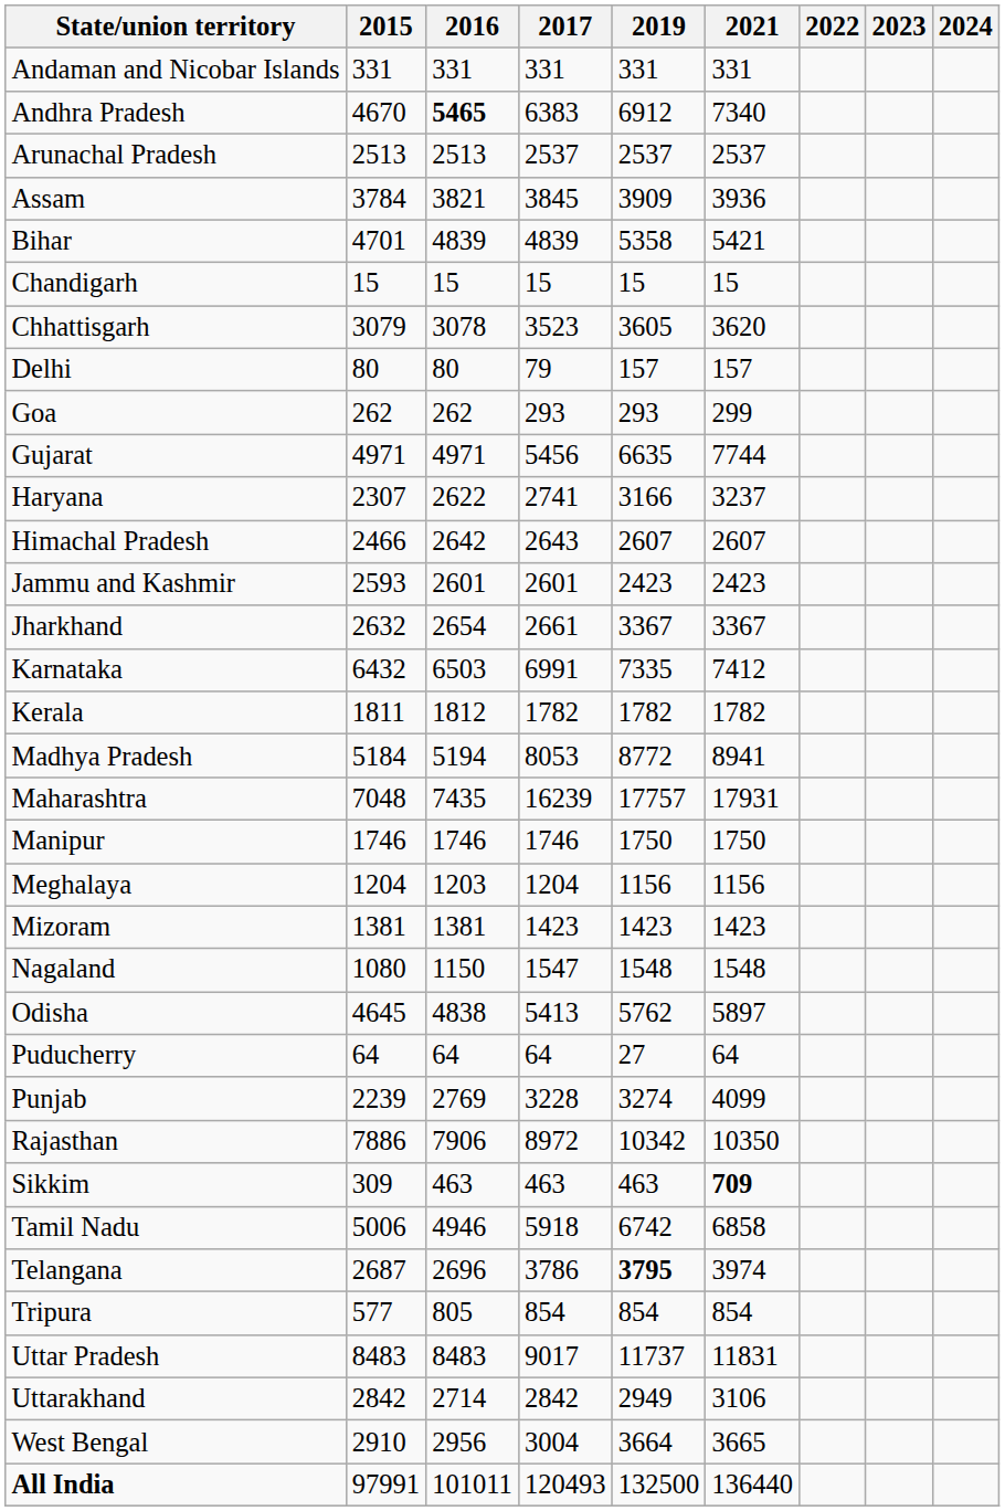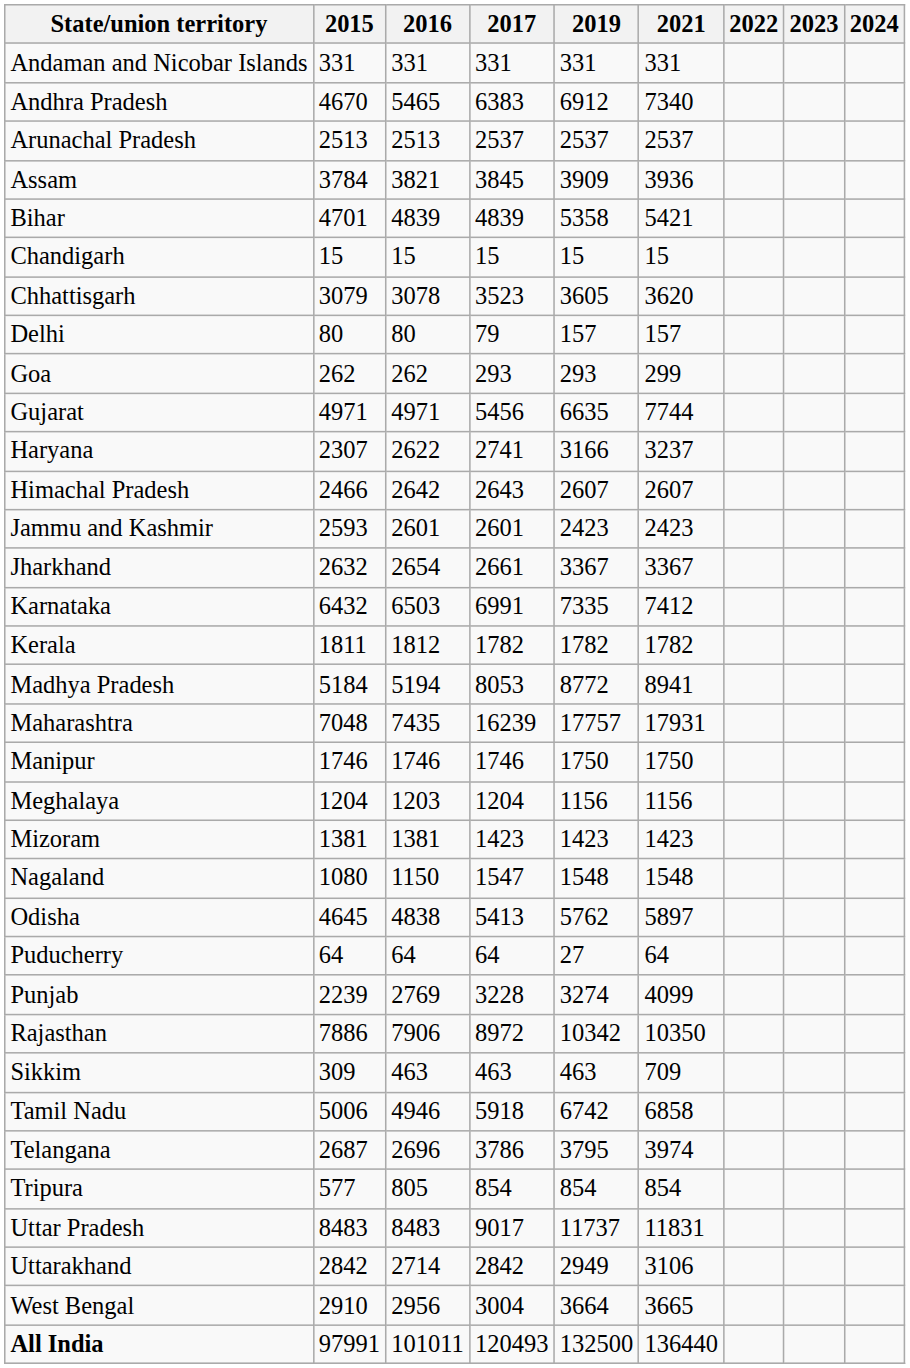 <table class="wikitable sortable">
 <tr>
 <th>State/union territory</th>
 <th>2015</th>
 <th>2016</th>
 <th>2017</th>
 <th>2019</th>
 <th>2021</th>
 <th>2022</th>
 <th>2023</th>
 <th>2024</th>
 </tr>
 <tr>
 <td>Andaman and Nicobar Islands</td>
 <td>331</td>
 <td>331</td>
 <td>331</td>
 <td>331</td>
 <td>331</td>
 <td></td>
 <td></td>
 <td></td>
 </tr>
 <tr>
 <td>Andhra Pradesh</td>
 <td>4670</td>
-<td><strong>5465</strong></td>
+<td>5465</td>
 <td>6383</td>
 <td>6912</td>
 <td>7340</td>
 <td></td>
 <td></td>
 <td></td>
 </tr>
 <tr>
 <td>Arunachal Pradesh</td>
 <td>2513</td>
 <td>2513</td>
 <td>2537</td>
 <td>2537</td>
 <td>2537</td>
 <td></td>
 <td></td>
 <td></td>
 </tr>
 <tr>
 <td>Assam</td>
 <td>3784</td>
 <td>3821</td>
 <td>3845</td>
 <td>3909</td>
 <td>3936</td>
 <td></td>
 <td></td>
 <td></td>
 </tr>
 <tr>
 <td>Bihar</td>
 <td>4701</td>
 <td>4839</td>
 <td>4839</td>
 <td>5358</td>
 <td>5421</td>
 <td></td>
 <td></td>
 <td></td>
 </tr>
 <tr>
 <td>Chandigarh</td>
 <td>15</td>
 <td>15</td>
 <td>15</td>
 <td>15</td>
 <td>15</td>
 <td></td>
 <td></td>
 <td></td>
 </tr>
 <tr>
 <td>Chhattisgarh</td>
 <td>3079</td>
 <td>3078</td>
 <td>3523</td>
 <td>3605</td>
 <td>3620</td>
 <td></td>
 <td></td>
 <td></td>
 </tr>
 <tr>
 <td>Delhi</td>
 <td>80</td>
 <td>80</td>
 <td>79</td>
 <td>157</td>
 <td>157</td>
 <td></td>
 <td></td>
 <td></td>
 </tr>
 <tr>
 <td>Goa</td>
 <td>262</td>
 <td>262</td>
 <td>293</td>
 <td>293</td>
 <td>299</td>
 <td></td>
 <td></td>
 <td></td>
 </tr>
 <tr>
 <td>Gujarat</td>
 <td>4971</td>
 <td>4971</td>
 <td>5456</td>
 <td>6635</td>
 <td>7744</td>
 <td></td>
 <td></td>
 <td></td>
 </tr>
 <tr>
 <td>Haryana</td>
 <td>2307</td>
 <td>2622</td>
 <td>2741</td>
 <td>3166</td>
 <td>3237</td>
 <td></td>
 <td></td>
 <td></td>
 </tr>
 <tr>
 <td>Himachal Pradesh</td>
 <td>2466</td>
 <td>2642</td>
 <td>2643</td>
 <td>2607</td>
 <td>2607</td>
 <td></td>
 <td></td>
 <td></td>
 </tr>
 <tr>
 <td>Jammu and Kashmir</td>
 <td>2593</td>
 <td>2601</td>
 <td>2601</td>
 <td>2423</td>
 <td>2423</td>
 <td></td>
 <td></td>
 <td></td>
 </tr>
 <tr>
 <td>Jharkhand</td>
 <td>2632</td>
 <td>2654</td>
 <td>2661</td>
 <td>3367</td>
 <td>3367</td>
 <td></td>
 <td></td>
 <td></td>
 </tr>
 <tr>
 <td>Karnataka</td>
 <td>6432</td>
 <td>6503</td>
 <td>6991</td>
 <td>7335</td>
 <td>7412</td>
 <td></td>
 <td></td>
 <td></td>
 </tr>
 <tr>
 <td>Kerala</td>
 <td>1811</td>
 <td>1812</td>
 <td>1782</td>
 <td>1782</td>
 <td>1782</td>
 <td></td>
 <td></td>
 <td></td>
 </tr>
 <tr>
 <td>Madhya Pradesh</td>
 <td>5184</td>
 <td>5194</td>
 <td>8053</td>
 <td>8772</td>
 <td>8941</td>
 <td></td>
 <td></td>
 <td></td>
 </tr>
 <tr>
 <td>Maharashtra</td>
 <td>7048</td>
 <td>7435</td>
 <td>16239</td>
 <td>17757</td>
 <td>17931</td>
 <td></td>
 <td></td>
 <td></td>
 </tr>
 <tr>
 <td>Manipur</td>
 <td>1746</td>
 <td>1746</td>
 <td>1746</td>
 <td>1750</td>
 <td>1750</td>
 <td></td>
 <td></td>
 <td></td>
 </tr>
 <tr>
 <td>Meghalaya</td>
 <td>1204</td>
 <td>1203</td>
 <td>1204</td>
 <td>1156</td>
 <td>1156</td>
 <td></td>
 <td></td>
 <td></td>
 </tr>
 <tr>
 <td>Mizoram</td>
 <td>1381</td>
 <td>1381</td>
 <td>1423</td>
 <td>1423</td>
 <td>1423</td>
 <td></td>
 <td></td>
 <td></td>
 </tr>
 <tr>
 <td>Nagaland</td>
 <td>1080</td>
 <td>1150</td>
 <td>1547</td>
 <td>1548</td>
 <td>1548</td>
 <td></td>
 <td></td>
 <td></td>
 </tr>
 <tr>
 <td>Odisha</td>
 <td>4645</td>
 <td>4838</td>
 <td>5413</td>
 <td>5762</td>
 <td>5897</td>
 <td></td>
 <td></td>
 <td></td>
 </tr>
 <tr>
 <td>Puducherry</td>
 <td>64</td>
 <td>64</td>
 <td>64</td>
 <td>27</td>
 <td>64</td>
 <td></td>
 <td></td>
 <td></td>
 </tr>
 <tr>
 <td>Punjab</td>
 <td>2239</td>
 <td>2769</td>
 <td>3228</td>
 <td>3274</td>
 <td>4099</td>
 <td></td>
 <td></td>
 <td></td>
 </tr>
 <tr>
 <td>Rajasthan</td>
 <td>7886</td>
 <td>7906</td>
 <td>8972</td>
 <td>10342</td>
 <td>10350</td>
 <td></td>
 <td></td>
 <td></td>
 </tr>
 <tr>
 <td>Sikkim</td>
 <td>309</td>
 <td>463</td>
 <td>463</td>
 <td>463</td>
-<td><strong>709</strong></td>
+<td>709</td>
 <td></td>
 <td></td>
 <td></td>
 </tr>
 <tr>
 <td>Tamil Nadu</td>
 <td>5006</td>
 <td>4946</td>
 <td>5918</td>
 <td>6742</td>
 <td>6858</td>
 <td></td>
 <td></td>
 <td></td>
 </tr>
 <tr>
 <td>Telangana</td>
 <td>2687</td>
 <td>2696</td>
 <td>3786</td>
-<td><strong>3795</strong></td>
+<td>3795</td>
 <td>3974</td>
 <td></td>
 <td></td>
 <td></td>
 </tr>
 <tr>
 <td>Tripura</td>
 <td>577</td>
 <td>805</td>
 <td>854</td>
 <td>854</td>
 <td>854</td>
 <td></td>
 <td></td>
 <td></td>
 </tr>
 <tr>
 <td>Uttar Pradesh</td>
 <td>8483</td>
 <td>8483</td>
 <td>9017</td>
 <td>11737</td>
 <td>11831</td>
 <td></td>
 <td></td>
 <td></td>
 </tr>
 <tr>
 <td>Uttarakhand</td>
 <td>2842</td>
 <td>2714</td>
 <td>2842</td>
 <td>2949</td>
 <td>3106</td>
 <td></td>
 <td></td>
 <td></td>
 </tr>
 <tr>
 <td>West Bengal</td>
 <td>2910</td>
 <td>2956</td>
 <td>3004</td>
 <td>3664</td>
 <td>3665</td>
 <td></td>
 <td></td>
 <td></td>
 </tr>
 <tr>
 <td><strong>All India</strong></td>
 <td>97991</td>
 <td>101011</td>
 <td>120493</td>
 <td>132500</td>
 <td>136440</td>
 <td></td>
 <td></td>
 <td></td>
 </tr>
 <tr>
 </tr>
 </table>
